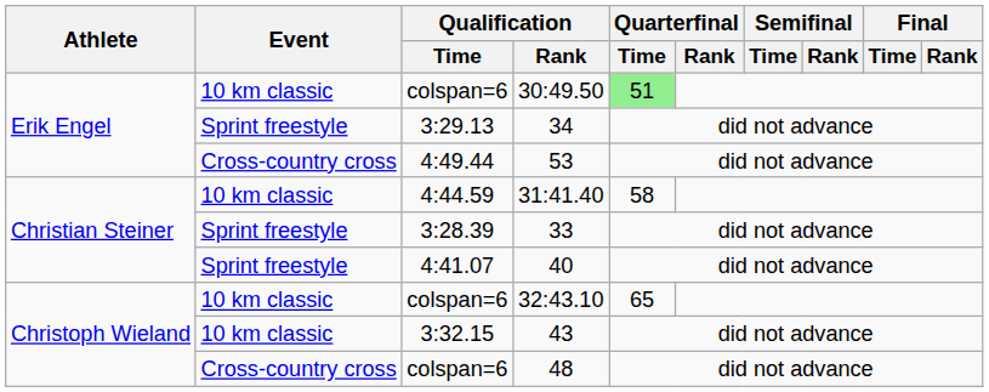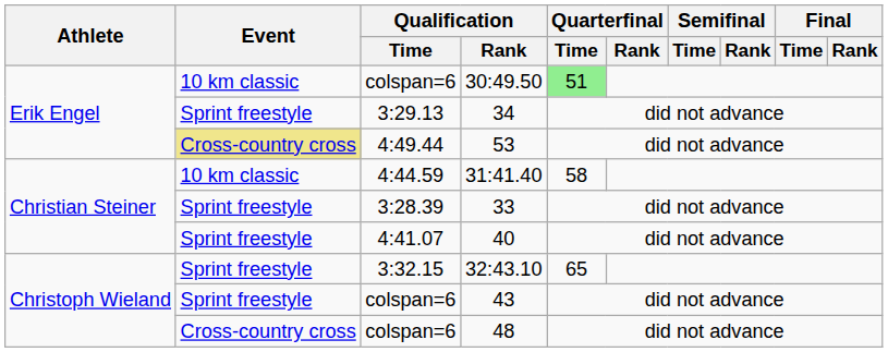 <table class="wikitable" style="font-size:90%">
 <tr>
 <th rowspan="2">Athlete</th>
 <th rowspan="2">Event</th>
 <th colspan="2">Qualification</th>
 <th colspan="2">Quarterfinal</th>
 <th colspan="2">Semifinal</th>
 <th colspan="2">Final</th>
 </tr>
 <tr style="font-size:95%">
 <th>Time</th>
 <th>Rank</th>
 <th>Time</th>
 <th>Rank</th>
 <th>Time</th>
 <th>Rank</th>
 <th>Time</th>
 <th>Rank</th>
 </tr>
 <tr align=center>
 <td align=left rowspan=3><a href='#'>Erik Engel</a></td>
 <td align=left><a href='#'>10 km classic</a></td>
 <td>colspan=6 </td>
 <td>30:49.50</td>
 <td style="background: lightgreen;">51</td>
 </tr>
 <tr align=center>
 <td align=left><a href='#'>Sprint freestyle</a></td>
 <td>3:29.13</td>
 <td>34</td>
 <td colspan=6>did not advance</td>
 </tr>
 <tr align=center>
-<td align=left><a href='#'>Cross-country cross</a></td>
+<td align=left style="background: khaki;"><a href='#'>Cross-country cross</a></td>
 <td>4:49.44</td>
 <td>53</td>
 <td colspan=6>did not advance</td>
 </tr>
 <tr align=center>
 <td align=left rowspan=3><a href='#'>Christian Steiner</a></td>
 <td align=left><a href='#'>10 km classic</a></td>
 <td>4:44.59</td>
 <td>31:41.40</td>
 <td>58</td>
 </tr>
 <tr align=center>
 <td align=left><a href='#'>Sprint freestyle</a></td>
 <td>3:28.39</td>
 <td>33</td>
 <td colspan=6>did not advance</td>
 </tr>
 <tr align=center>
 <td align=left><a href='#'>Sprint freestyle</a></td>
 <td>4:41.07</td>
 <td>40</td>
 <td colspan=6>did not advance</td>
 </tr>
 <tr align=center>
 <td align=left rowspan=3><a href='#'>Christoph Wieland</a></td>
-<td align=left><a href='#'>10 km classic</a></td>
-<td>colspan=6 </td>
+<td align=left><a href='#'>Sprint freestyle</a></td>
+<td>3:32.15</td>
 <td>32:43.10</td>
 <td>65</td>
 </tr>
 <tr align=center>
-<td align=left><a href='#'>10 km classic</a></td>
-<td>3:32.15</td>
+<td align=left><a href='#'>Sprint freestyle</a></td>
+<td>colspan=6 </td>
 <td>43</td>
 <td colspan=6>did not advance</td>
 </tr>
 <tr align=center>
 <td align=left><a href='#'>Cross-country cross</a></td>
 <td>colspan=6 </td>
 <td>48</td>
 <td colspan=6>did not advance</td>
 </tr>
 </table>
